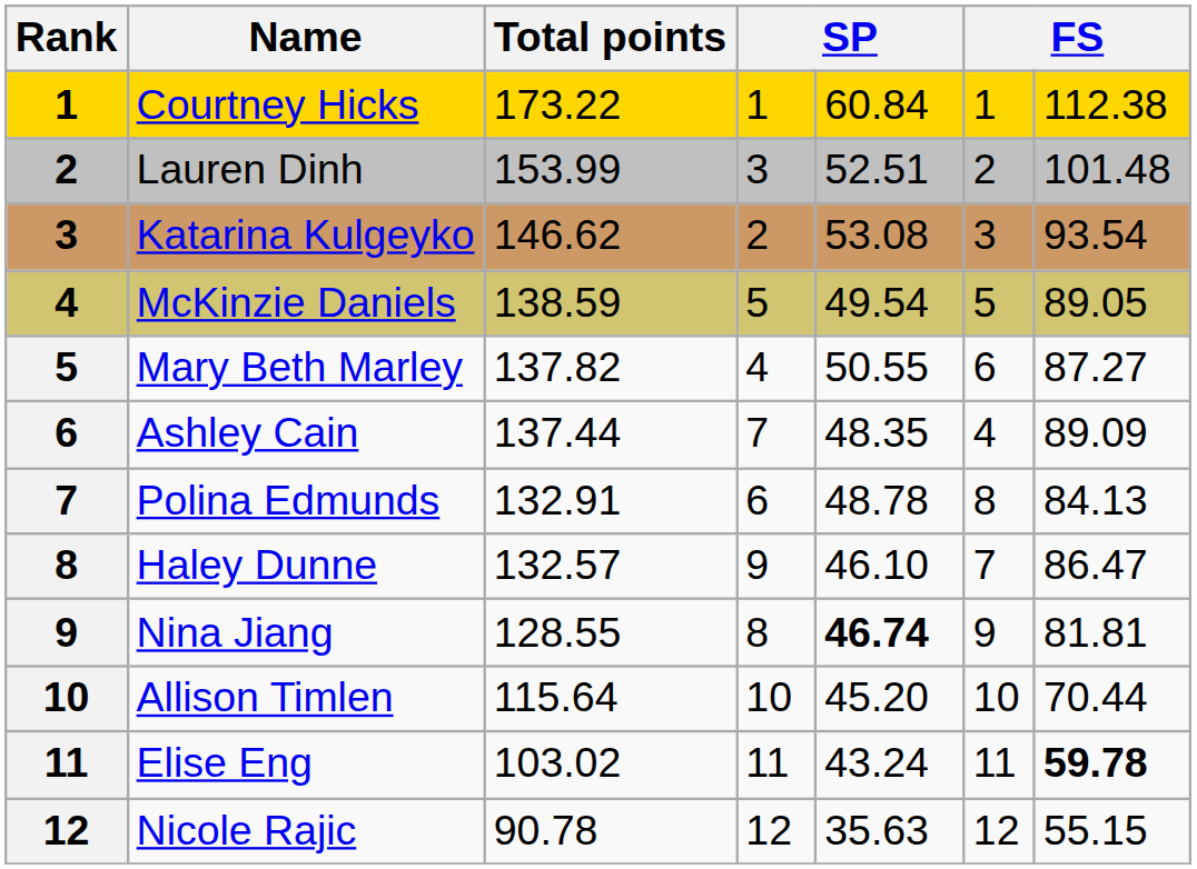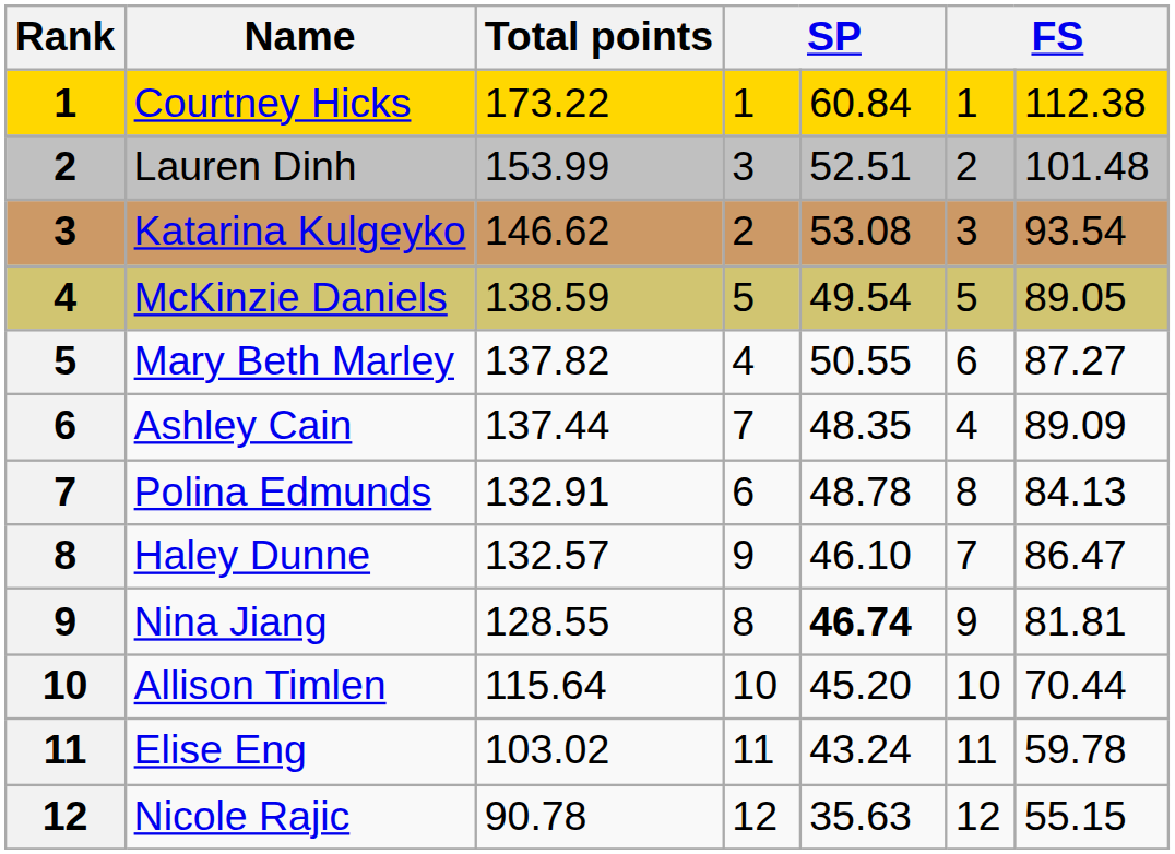 <table class="wikitable sortable">
 <tr>
 <th>Rank</th>
 <th>Name</th>
 <th>Total points</th>
 <th colspan="2" width="80px"><a href='#'>SP</a></th>
 <th colspan="2" width="80px"><a href='#'>FS</a></th>
 </tr>
 <tr bgcolor="gold">
 <td align="center"><strong>1</strong></td>
 <td><a href='#'>Courtney Hicks</a></td>
 <td>173.22</td>
 <td>1</td>
 <td>60.84</td>
 <td>1</td>
 <td>112.38</td>
 </tr>
 <tr bgcolor="silver">
 <td align="center"><strong>2</strong></td>
 <td>Lauren Dinh</td>
 <td>153.99</td>
 <td>3</td>
 <td>52.51</td>
 <td>2</td>
 <td>101.48</td>
 </tr>
 <tr bgcolor="cc9966">
 <td align="center"><strong>3</strong></td>
 <td><a href='#'>Katarina Kulgeyko</a></td>
 <td>146.62</td>
 <td>2</td>
 <td>53.08</td>
 <td>3</td>
 <td>93.54</td>
 </tr>
 <tr bgcolor="#d1c571">
 <td align="center"><strong>4</strong></td>
 <td><a href='#'>McKinzie Daniels</a></td>
 <td>138.59</td>
 <td>5</td>
 <td>49.54</td>
 <td>5</td>
 <td>89.05</td>
 </tr>
 <tr>
 <th>5</th>
 <td><a href='#'>Mary Beth Marley</a></td>
 <td>137.82</td>
 <td>4</td>
 <td>50.55</td>
 <td>6</td>
 <td>87.27</td>
 </tr>
 <tr>
 <th>6</th>
 <td><a href='#'>Ashley Cain</a></td>
 <td>137.44</td>
 <td>7</td>
 <td>48.35</td>
 <td>4</td>
 <td>89.09</td>
 </tr>
 <tr>
 <th>7</th>
 <td><a href='#'>Polina Edmunds</a></td>
 <td>132.91</td>
 <td>6</td>
 <td>48.78</td>
 <td>8</td>
 <td>84.13</td>
 </tr>
 <tr>
 <th>8</th>
 <td><a href='#'>Haley Dunne</a></td>
 <td>132.57</td>
 <td>9</td>
 <td>46.10</td>
 <td>7</td>
 <td>86.47</td>
 </tr>
 <tr>
 <th>9</th>
 <td><a href='#'>Nina Jiang</a></td>
 <td>128.55</td>
 <td>8</td>
 <td><strong>46.74</strong></td>
 <td>9</td>
 <td>81.81</td>
 </tr>
 <tr>
 <th>10</th>
 <td><a href='#'>Allison Timlen</a></td>
 <td>115.64</td>
 <td>10</td>
 <td>45.20</td>
 <td>10</td>
 <td>70.44</td>
 </tr>
 <tr>
 <th>11</th>
 <td><a href='#'>Elise Eng</a></td>
 <td>103.02</td>
 <td>11</td>
 <td>43.24</td>
 <td>11</td>
-<td><strong>59.78</strong></td>
+<td>59.78</td>
 </tr>
 <tr>
 <th>12</th>
 <td><a href='#'>Nicole Rajic</a></td>
 <td>90.78</td>
 <td>12</td>
 <td>35.63</td>
 <td>12</td>
 <td>55.15</td>
 </tr>
 </table>
